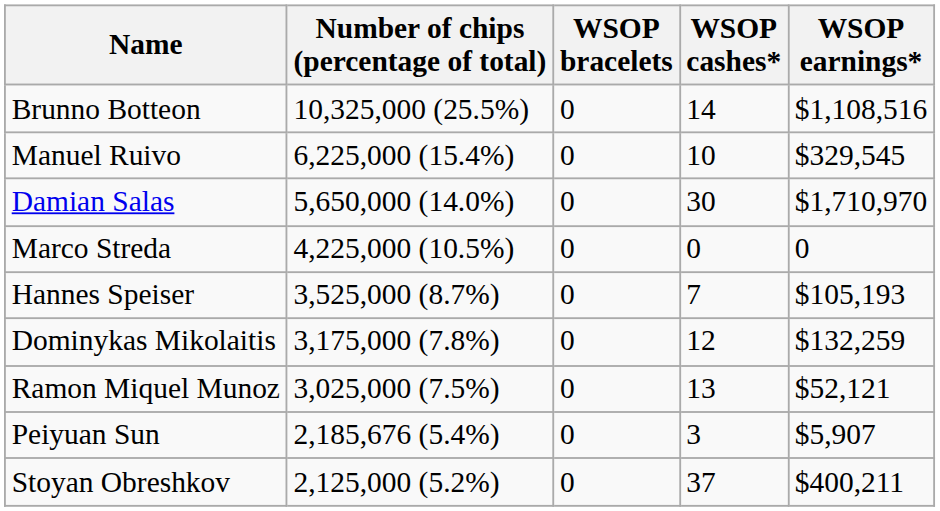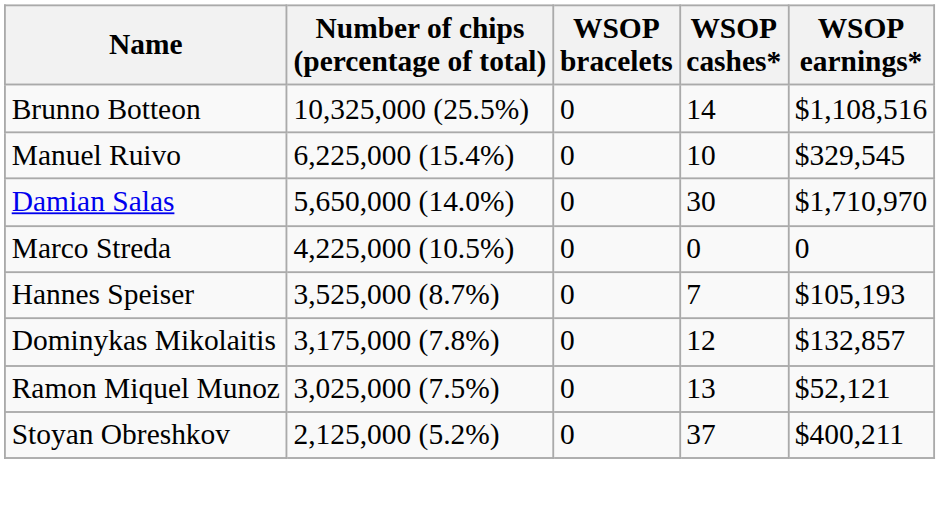 <table class="wikitable" style="display: inline-table;">
 <tr>
 <th>Name</th>
 <th>Number of chips<br>(percentage of total)</th>
 <th>WSOP<br>bracelets</th>
 <th>WSOP<br>cashes*</th>
 <th>WSOP<br>earnings*</th>
 </tr>
 <tr>
 <td> Brunno Botteon</td>
 <td>10,325,000 (25.5%)</td>
 <td>0</td>
 <td>14</td>
 <td>$1,108,516</td>
 </tr>
 <tr>
 <td> Manuel Ruivo</td>
 <td>6,225,000 (15.4%)</td>
 <td>0</td>
 <td>10</td>
 <td>$329,545</td>
 </tr>
 <tr>
 <td> <a href='#'>Damian Salas</a></td>
 <td>5,650,000 (14.0%)</td>
 <td>0</td>
 <td>30</td>
 <td>$1,710,970</td>
 </tr>
 <tr>
 <td> Marco Streda</td>
 <td>4,225,000 (10.5%)</td>
 <td>0</td>
 <td>0</td>
 <td>0</td>
 </tr>
 <tr>
 <td> Hannes Speiser</td>
 <td>3,525,000 (8.7%)</td>
 <td>0</td>
 <td>7</td>
 <td>$105,193</td>
 </tr>
 <tr>
 <td> Dominykas Mikolaitis</td>
 <td>3,175,000 (7.8%)</td>
 <td>0</td>
 <td>12</td>
-<td>$132,259</td>
+<td>$132,857</td>
 </tr>
 <tr>
 <td> Ramon Miquel Munoz</td>
 <td>3,025,000 (7.5%)</td>
 <td>0</td>
 <td>13</td>
 <td>$52,121</td>
 </tr>
 <tr>
-<td> Peiyuan Sun</td>
-<td>2,185,676 (5.4%)</td>
-<td>0</td>
-<td>3</td>
-<td>$5,907</td>
-</tr>
-<tr>
 <td> Stoyan Obreshkov</td>
 <td>2,125,000 (5.2%)</td>
 <td>0</td>
 <td>37</td>
 <td>$400,211</td>
 </tr>
 </table>
